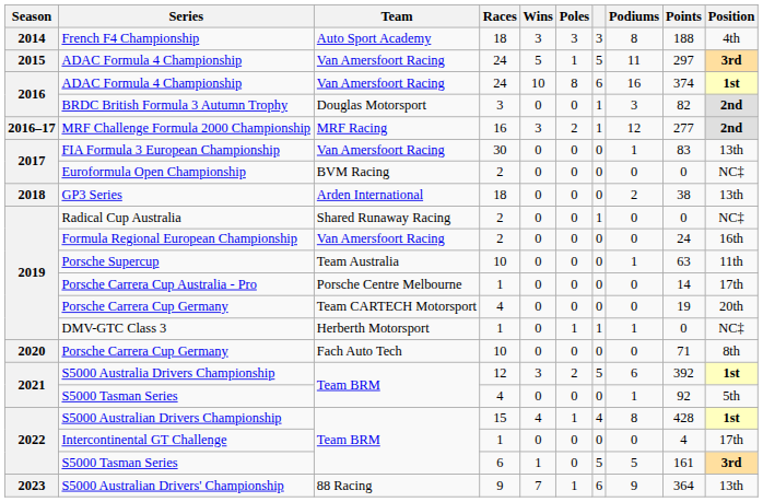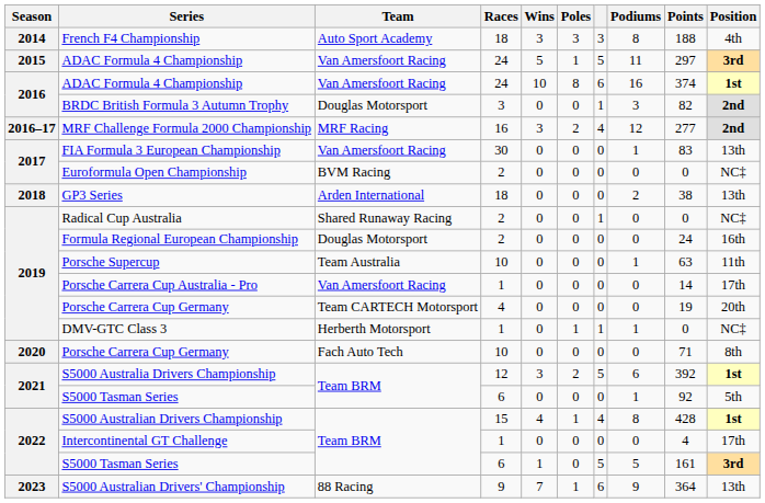 <table class="wikitable" style="font-size: 90%; text-align:center">
 <tr>
 <th>Season</th>
 <th>Series</th>
 <th>Team</th>
 <th>Races</th>
 <th>Wins</th>
 <th>Poles</th>
 <th></th>
 <th>Podiums</th>
 <th>Points</th>
 <th>Position</th>
 </tr>
 <tr>
 <th>2014</th>
 <td align=left><a href='#'>French F4 Championship</a></td>
 <td align=left><a href='#'>Auto Sport Academy</a></td>
 <td>18</td>
 <td>3</td>
 <td>3</td>
 <td>3</td>
 <td>8</td>
 <td>188</td>
 <td>4th</td>
 </tr>
 <tr>
 <th>2015</th>
 <td align=left><a href='#'>ADAC Formula 4 Championship</a></td>
 <td align=left><a href='#'>Van Amersfoort Racing</a></td>
 <td>24</td>
 <td>5</td>
 <td>1</td>
 <td>5</td>
 <td>11</td>
 <td>297</td>
 <td style="background:#FFDF9F"><strong>3rd</strong></td>
 </tr>
 <tr>
 <th rowspan=2>2016</th>
 <td align=left><a href='#'>ADAC Formula 4 Championship</a></td>
 <td align=left><a href='#'>Van Amersfoort Racing</a></td>
 <td>24</td>
 <td>10</td>
 <td>8</td>
 <td>6</td>
 <td>16</td>
 <td>374</td>
 <td style="background:#FFFFBF"><strong>1st</strong></td>
 </tr>
 <tr>
 <td align=left><a href='#'>BRDC British Formula 3 Autumn Trophy</a></td>
 <td align=left>Douglas Motorsport</td>
 <td>3</td>
 <td>0</td>
 <td>0</td>
 <td>1</td>
 <td>3</td>
 <td>82</td>
 <td style="background:#DFDFDF"><strong>2nd</strong></td>
 </tr>
 <tr>
 <th>2016–17</th>
 <td align=left><a href='#'>MRF Challenge Formula 2000 Championship</a></td>
 <td align=left><a href='#'>MRF Racing</a></td>
 <td>16</td>
 <td>3</td>
 <td>2</td>
-<td>1</td>
+<td>4</td>
 <td>12</td>
 <td>277</td>
 <td style="background:#DFDFDF"><strong>2nd</strong></td>
 </tr>
 <tr>
 <th rowspan="2">2017</th>
 <td align=left><a href='#'>FIA Formula 3 European Championship</a></td>
 <td align=left><a href='#'>Van Amersfoort Racing</a></td>
 <td>30</td>
 <td>0</td>
 <td>0</td>
 <td>0</td>
 <td>1</td>
 <td>83</td>
 <td>13th</td>
 </tr>
 <tr>
 <td align=left><a href='#'>Euroformula Open Championship</a></td>
 <td align=left>BVM Racing</td>
 <td>2</td>
 <td>0</td>
 <td>0</td>
 <td>0</td>
 <td>0</td>
 <td>0</td>
 <td>NC‡</td>
 </tr>
 <tr>
 <th>2018</th>
 <td align=left><a href='#'>GP3 Series</a></td>
 <td align=left><a href='#'>Arden International</a></td>
 <td>18</td>
 <td>0</td>
 <td>0</td>
 <td>0</td>
 <td>2</td>
 <td>38</td>
 <td>13th</td>
 </tr>
 <tr>
 <th rowspan=6>2019</th>
 <td align=left>Radical Cup Australia</td>
 <td align=left>Shared Runaway Racing</td>
 <td>2</td>
 <td>0</td>
 <td>0</td>
 <td>1</td>
 <td>0</td>
 <td>0</td>
 <td>NC‡</td>
 </tr>
 <tr>
 <td align=left><a href='#'>Formula Regional European Championship</a></td>
-<td align=left><a href='#'>Van Amersfoort Racing</a></td>
+<td align=left>Douglas Motorsport</td>
 <td>2</td>
 <td>0</td>
 <td>0</td>
 <td>0</td>
 <td>0</td>
 <td>24</td>
 <td>16th</td>
 </tr>
 <tr>
 <td align=left><a href='#'>Porsche Supercup</a></td>
 <td align=left>Team Australia</td>
 <td>10</td>
 <td>0</td>
 <td>0</td>
 <td>0</td>
 <td>1</td>
 <td>63</td>
 <td>11th</td>
 </tr>
 <tr>
 <td align=left><a href='#'>Porsche Carrera Cup Australia - Pro</a></td>
-<td align=left>Porsche Centre Melbourne</td>
+<td align=left><a href='#'>Van Amersfoort Racing</a></td>
 <td>1</td>
 <td>0</td>
 <td>0</td>
 <td>0</td>
 <td>0</td>
 <td>14</td>
 <td>17th</td>
 </tr>
 <tr>
 <td align=left><a href='#'>Porsche Carrera Cup Germany</a></td>
 <td align=left>Team CARTECH Motorsport</td>
 <td>4</td>
 <td>0</td>
 <td>0</td>
 <td>0</td>
 <td>0</td>
 <td>19</td>
 <td>20th</td>
 </tr>
 <tr>
 <td align=left>DMV-GTC Class 3</td>
 <td align=left>Herberth Motorsport</td>
 <td>1</td>
 <td>0</td>
 <td>1</td>
 <td>1</td>
 <td>1</td>
 <td>0</td>
 <td>NC‡</td>
 </tr>
 <tr>
 <th>2020</th>
 <td align=left><a href='#'>Porsche Carrera Cup Germany</a></td>
 <td align=left>Fach Auto Tech</td>
 <td>10</td>
 <td>0</td>
 <td>0</td>
 <td>0</td>
 <td>0</td>
 <td>71</td>
 <td>8th</td>
 </tr>
 <tr>
 <th rowspan=2>2021</th>
 <td align=left><a href='#'>S5000 Australia Drivers Championship</a></td>
 <td rowspan=2 align=left><a href='#'>Team BRM</a></td>
 <td>12</td>
 <td>3</td>
 <td>2</td>
 <td>5</td>
 <td>6</td>
 <td>392</td>
 <td style="background:#FFFFBF"><strong>1st</strong></td>
 </tr>
 <tr>
 <td align=left><a href='#'>S5000 Tasman Series</a></td>
-<td>4</td>
+<td>6</td>
 <td>0</td>
 <td>0</td>
 <td>0</td>
 <td>1</td>
 <td>92</td>
 <td>5th</td>
 </tr>
 <tr>
 <th rowspan="3">2022</th>
 <td align=left><a href='#'>S5000 Australian Drivers Championship</a></td>
 <td rowspan="3" align="left"><a href='#'>Team BRM</a></td>
 <td>15</td>
 <td>4</td>
 <td>1</td>
 <td>4</td>
 <td>8</td>
 <td>428</td>
 <td style="background:#FFFFBF"><strong>1st</strong></td>
 </tr>
 <tr>
 <td align=left><a href='#'>Intercontinental GT Challenge</a></td>
 <td>1</td>
 <td>0</td>
 <td>0</td>
 <td>0</td>
 <td>0</td>
 <td>4</td>
 <td>17th</td>
 </tr>
 <tr>
 <td align=left><a href='#'>S5000 Tasman Series</a></td>
 <td>6</td>
 <td>1</td>
 <td>0</td>
 <td>5</td>
 <td>5</td>
 <td>161</td>
 <td style="background:#FFDF9F"><strong>3rd</strong></td>
 </tr>
 <tr>
 <th>2023</th>
 <td align=left><a href='#'>S5000 Australian Drivers' Championship</a></td>
 <td align=left>88 Racing</td>
 <td>9</td>
 <td>7</td>
 <td>1</td>
 <td>6</td>
 <td>9</td>
 <td>364</td>
 <td>13th</td>
 </tr>
 </table>
